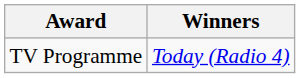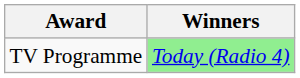 <table class="wikitable">
 <tr>
 <th>Award</th>
 <th>Winners</th>
 </tr>
 <tr>
 <td>TV Programme</td>
-<td><em><a href='#'>Today (Radio 4)</a></em></td>
+<td style="background: lightgreen;"><em><a href='#'>Today (Radio 4)</a></em></td>
 </tr>
 </table>
